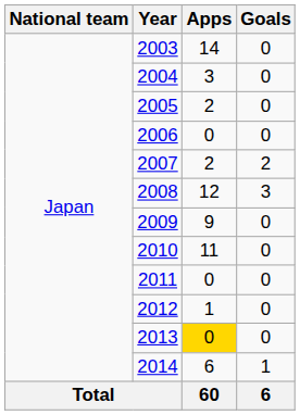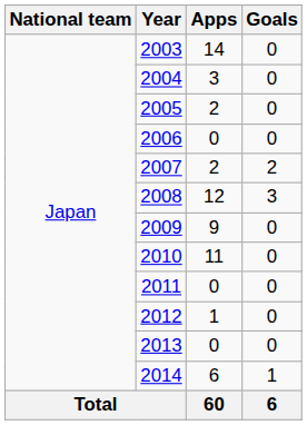 <table class="wikitable" style="text-align:center">
 <tr>
 <th>National team</th>
 <th>Year</th>
 <th>Apps</th>
 <th>Goals</th>
 </tr>
 <tr>
 <td rowspan="12"><a href='#'>Japan</a></td>
 <td><a href='#'>2003</a></td>
 <td>14</td>
 <td>0</td>
 </tr>
 <tr>
 <td><a href='#'>2004</a></td>
 <td>3</td>
 <td>0</td>
 </tr>
 <tr>
 <td><a href='#'>2005</a></td>
 <td>2</td>
 <td>0</td>
 </tr>
 <tr>
 <td><a href='#'>2006</a></td>
 <td>0</td>
 <td>0</td>
 </tr>
 <tr>
 <td><a href='#'>2007</a></td>
 <td>2</td>
 <td>2</td>
 </tr>
 <tr>
 <td><a href='#'>2008</a></td>
 <td>12</td>
 <td>3</td>
 </tr>
 <tr>
 <td><a href='#'>2009</a></td>
 <td>9</td>
 <td>0</td>
 </tr>
 <tr>
 <td><a href='#'>2010</a></td>
 <td>11</td>
 <td>0</td>
 </tr>
 <tr>
 <td><a href='#'>2011</a></td>
 <td>0</td>
 <td>0</td>
 </tr>
 <tr>
 <td><a href='#'>2012</a></td>
 <td>1</td>
 <td>0</td>
 </tr>
 <tr>
 <td><a href='#'>2013</a></td>
-<td style="background: gold;">0</td>
+<td>0</td>
 <td>0</td>
 </tr>
 <tr>
 <td><a href='#'>2014</a></td>
 <td>6</td>
 <td>1</td>
 </tr>
 <tr>
 <th colspan="2">Total</th>
 <th>60</th>
 <th>6</th>
 </tr>
 </table>
